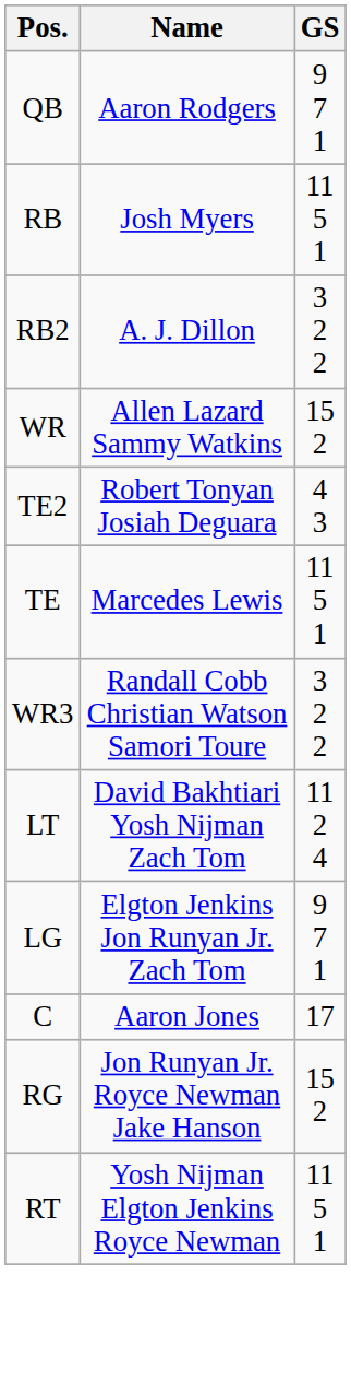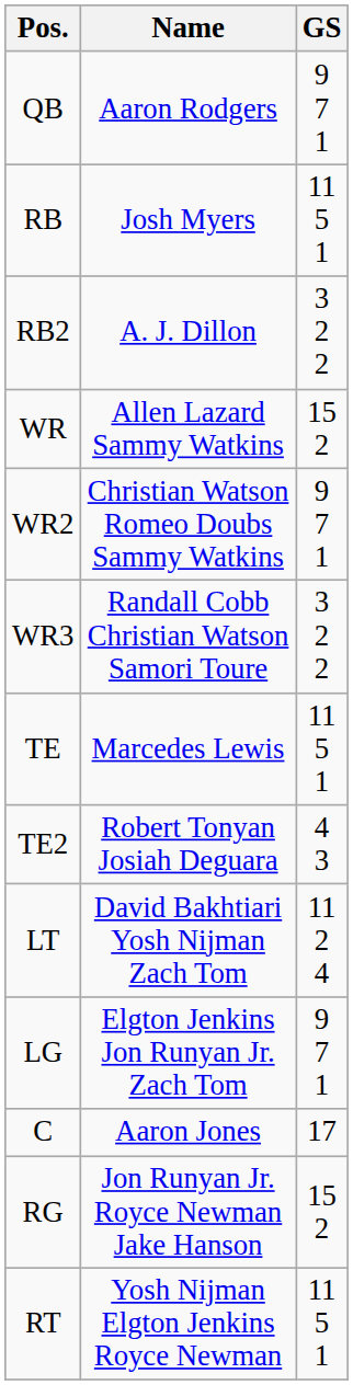 <table class="wikitable" style="text-align:center">
 <tr>
 <th>Pos.</th>
 <th>Name</th>
 <th>GS</th>
 </tr>
 <tr>
 <td>QB</td>
 <td><a href='#'>Aaron Rodgers</a></td>
 <td>9<br>7<br>1</td>
 </tr>
 <tr>
 <td>RB</td>
 <td><a href='#'>Josh Myers</a></td>
 <td>11<br>5<br>1</td>
 </tr>
 <tr>
 <td>RB2</td>
 <td><a href='#'>A. J. Dillon</a></td>
 <td>3<br>2<br>2</td>
 </tr>
 <tr>
 <td>WR</td>
 <td><a href='#'>Allen Lazard</a><br><a href='#'>Sammy Watkins</a></td>
 <td>15<br>2</td>
 </tr>
 <tr>
-<td>TE2</td>
-<td><a href='#'>Robert Tonyan</a><br><a href='#'>Josiah Deguara</a></td>
-<td>4<br>3</td>
+<td>WR2</td>
+<td><a href='#'>Christian Watson</a><br><a href='#'>Romeo Doubs</a><br><a href='#'>Sammy Watkins</a></td>
+<td>9<br>7<br>1</td>
+</tr>
+<tr>
+<td>WR3</td>
+<td><a href='#'>Randall Cobb</a><br><a href='#'>Christian Watson</a><br><a href='#'>Samori Toure</a></td>
+<td>3<br>2<br>2</td>
 </tr>
 <tr>
 <td>TE</td>
 <td><a href='#'>Marcedes Lewis</a></td>
 <td>11<br>5<br>1</td>
 </tr>
 <tr>
-<td>WR3</td>
-<td><a href='#'>Randall Cobb</a><br><a href='#'>Christian Watson</a><br><a href='#'>Samori Toure</a></td>
-<td>3<br>2<br>2</td>
+<td>TE2</td>
+<td><a href='#'>Robert Tonyan</a><br><a href='#'>Josiah Deguara</a></td>
+<td>4<br>3</td>
 </tr>
 <tr>
 <td>LT</td>
 <td><a href='#'>David Bakhtiari</a><br><a href='#'>Yosh Nijman</a><br><a href='#'>Zach Tom</a></td>
 <td>11<br>2<br>4</td>
 </tr>
 <tr>
 <td>LG</td>
 <td><a href='#'>Elgton Jenkins</a><br><a href='#'>Jon Runyan Jr.</a><br><a href='#'>Zach Tom</a></td>
 <td>9<br>7<br>1</td>
 </tr>
 <tr>
 <td>C</td>
 <td><a href='#'>Aaron Jones</a></td>
 <td>17</td>
 </tr>
 <tr>
 <td>RG</td>
 <td><a href='#'>Jon Runyan Jr.</a><br><a href='#'>Royce Newman</a><br><a href='#'>Jake Hanson</a></td>
 <td>15<br>2</td>
 </tr>
 <tr>
 <td>RT</td>
 <td><a href='#'>Yosh Nijman</a><br><a href='#'>Elgton Jenkins</a><br><a href='#'>Royce Newman</a></td>
 <td>11<br>5<br>1</td>
 </tr>
 </table>
